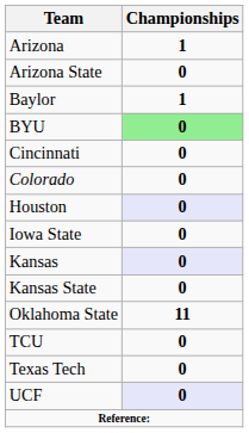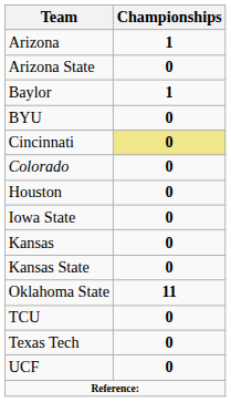 <table class="wikitable sortable">
 <tr>
 <th scope="col">Team</th>
 <th scope="col">Championships</th>
 </tr>
 <tr>
 <td>Arizona</td>
 <td style="text-align: center;"><strong>1</strong></td>
 </tr>
 <tr>
 <td>Arizona State</td>
 <td style="text-align: center;"><strong>0</strong></td>
 </tr>
 <tr>
 <td>Baylor</td>
 <td style="text-align: center;"><strong>1</strong></td>
 </tr>
 <tr>
 <td>BYU</td>
-<td style="background: lightgreen; text-align: center;"><strong>0</strong></td>
+<td style="text-align: center;"><strong>0</strong></td>
 </tr>
 <tr>
 <td>Cincinnati</td>
-<td style="text-align: center;"><strong>0</strong></td>
+<td style="background: khaki; text-align: center;"><strong>0</strong></td>
 </tr>
 <tr>
 <td><em>Colorado</em></td>
 <td style="text-align: center;"><strong>0</strong></td>
 </tr>
 <tr>
 <td>Houston</td>
-<td style="background: lavender; text-align: center;"><strong>0</strong></td>
+<td style="text-align: center;"><strong>0</strong></td>
 </tr>
 <tr>
 <td>Iowa State</td>
 <td style="text-align: center;"><strong>0</strong></td>
 </tr>
 <tr>
 <td>Kansas</td>
-<td style="background: lavender; text-align: center;"><strong>0</strong></td>
+<td style="text-align: center;"><strong>0</strong></td>
 </tr>
 <tr>
 <td>Kansas State</td>
 <td style="text-align: center;"><strong>0</strong></td>
 </tr>
 <tr>
 <td>Oklahoma State</td>
 <td style="text-align: center;"><strong>11</strong></td>
 </tr>
 <tr>
 <td>TCU</td>
 <td style="text-align: center;"><strong>0</strong></td>
 </tr>
 <tr>
 <td>Texas Tech</td>
 <td style="text-align: center;"><strong>0</strong></td>
 </tr>
 <tr>
 <td>UCF</td>
-<td style="background: lavender; text-align: center;"><strong>0</strong></td>
+<td style="text-align: center;"><strong>0</strong></td>
 </tr>
 <tr>
 <td colspan="4"  style="font-size:8pt; text-align:center;"><strong>Reference:</strong></td>
 </tr>
 </table>
